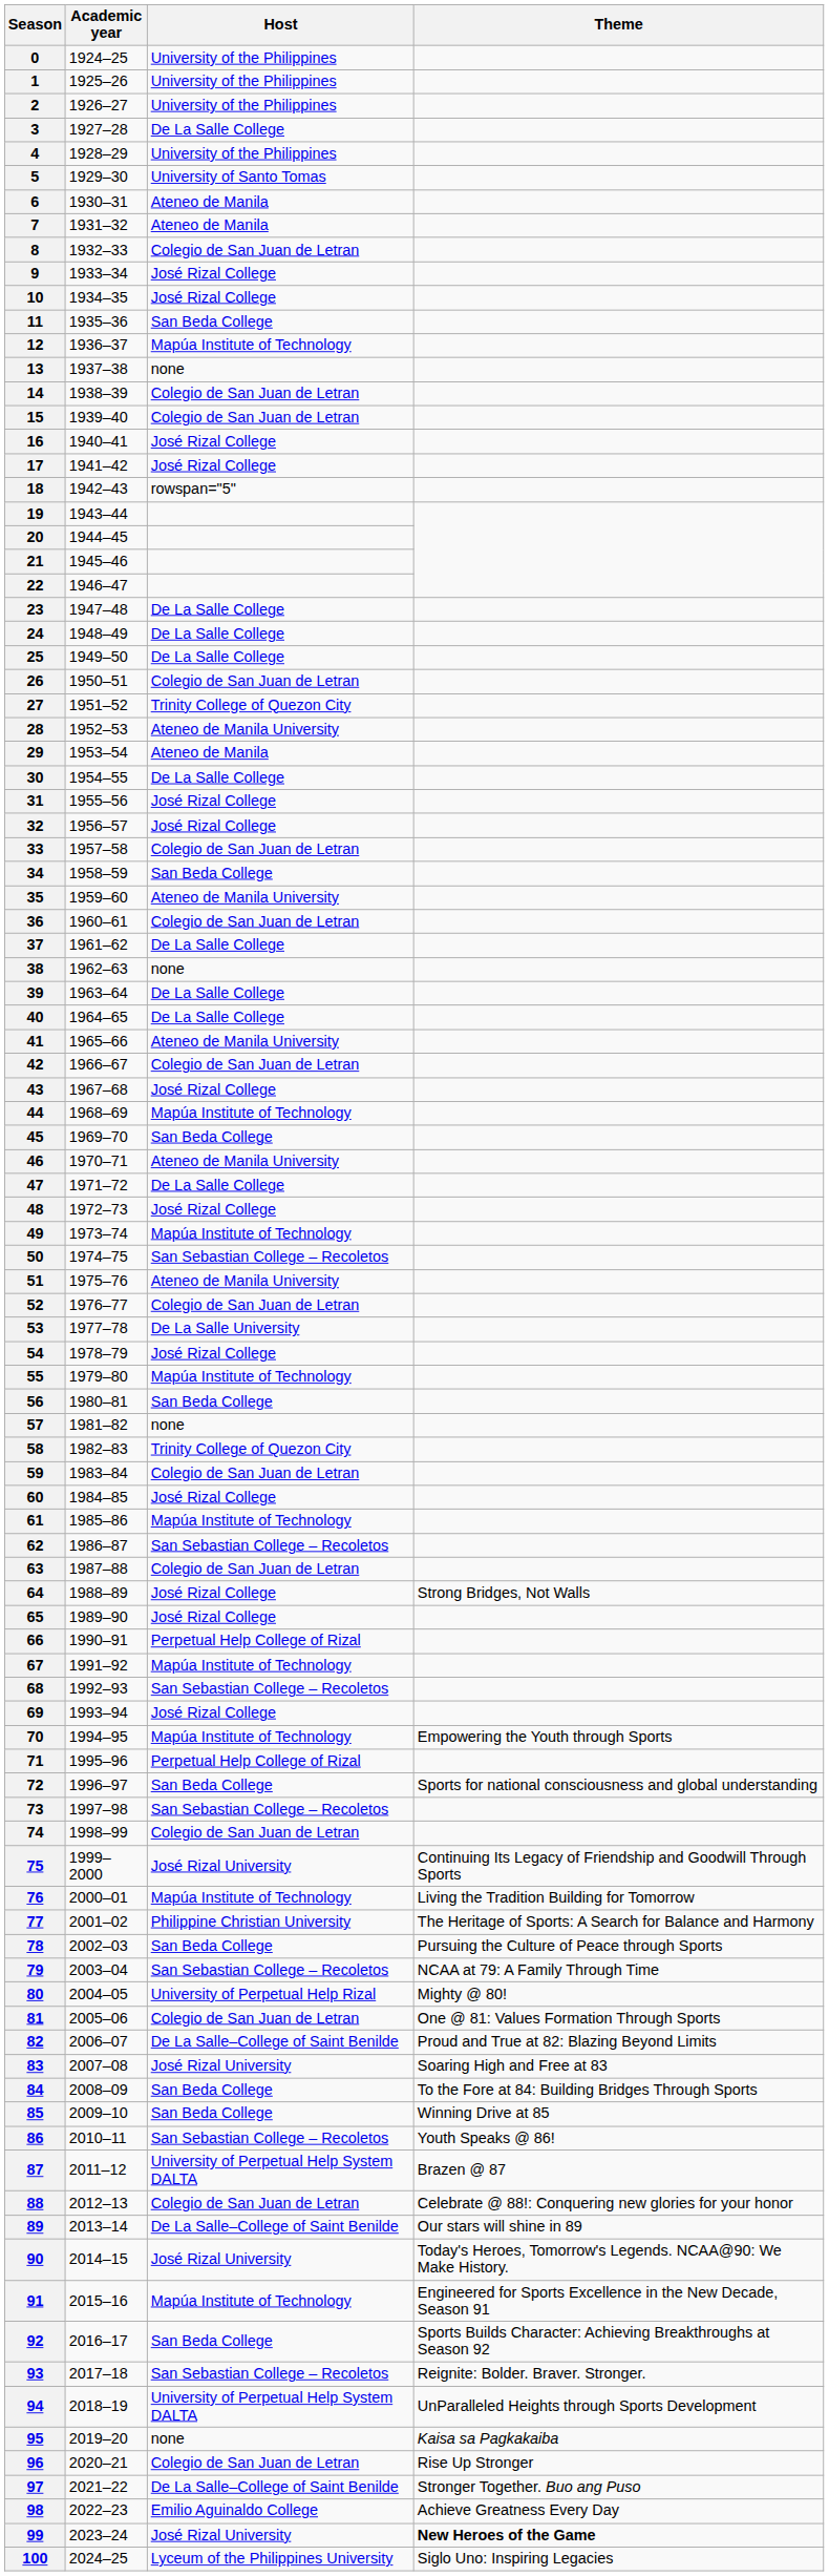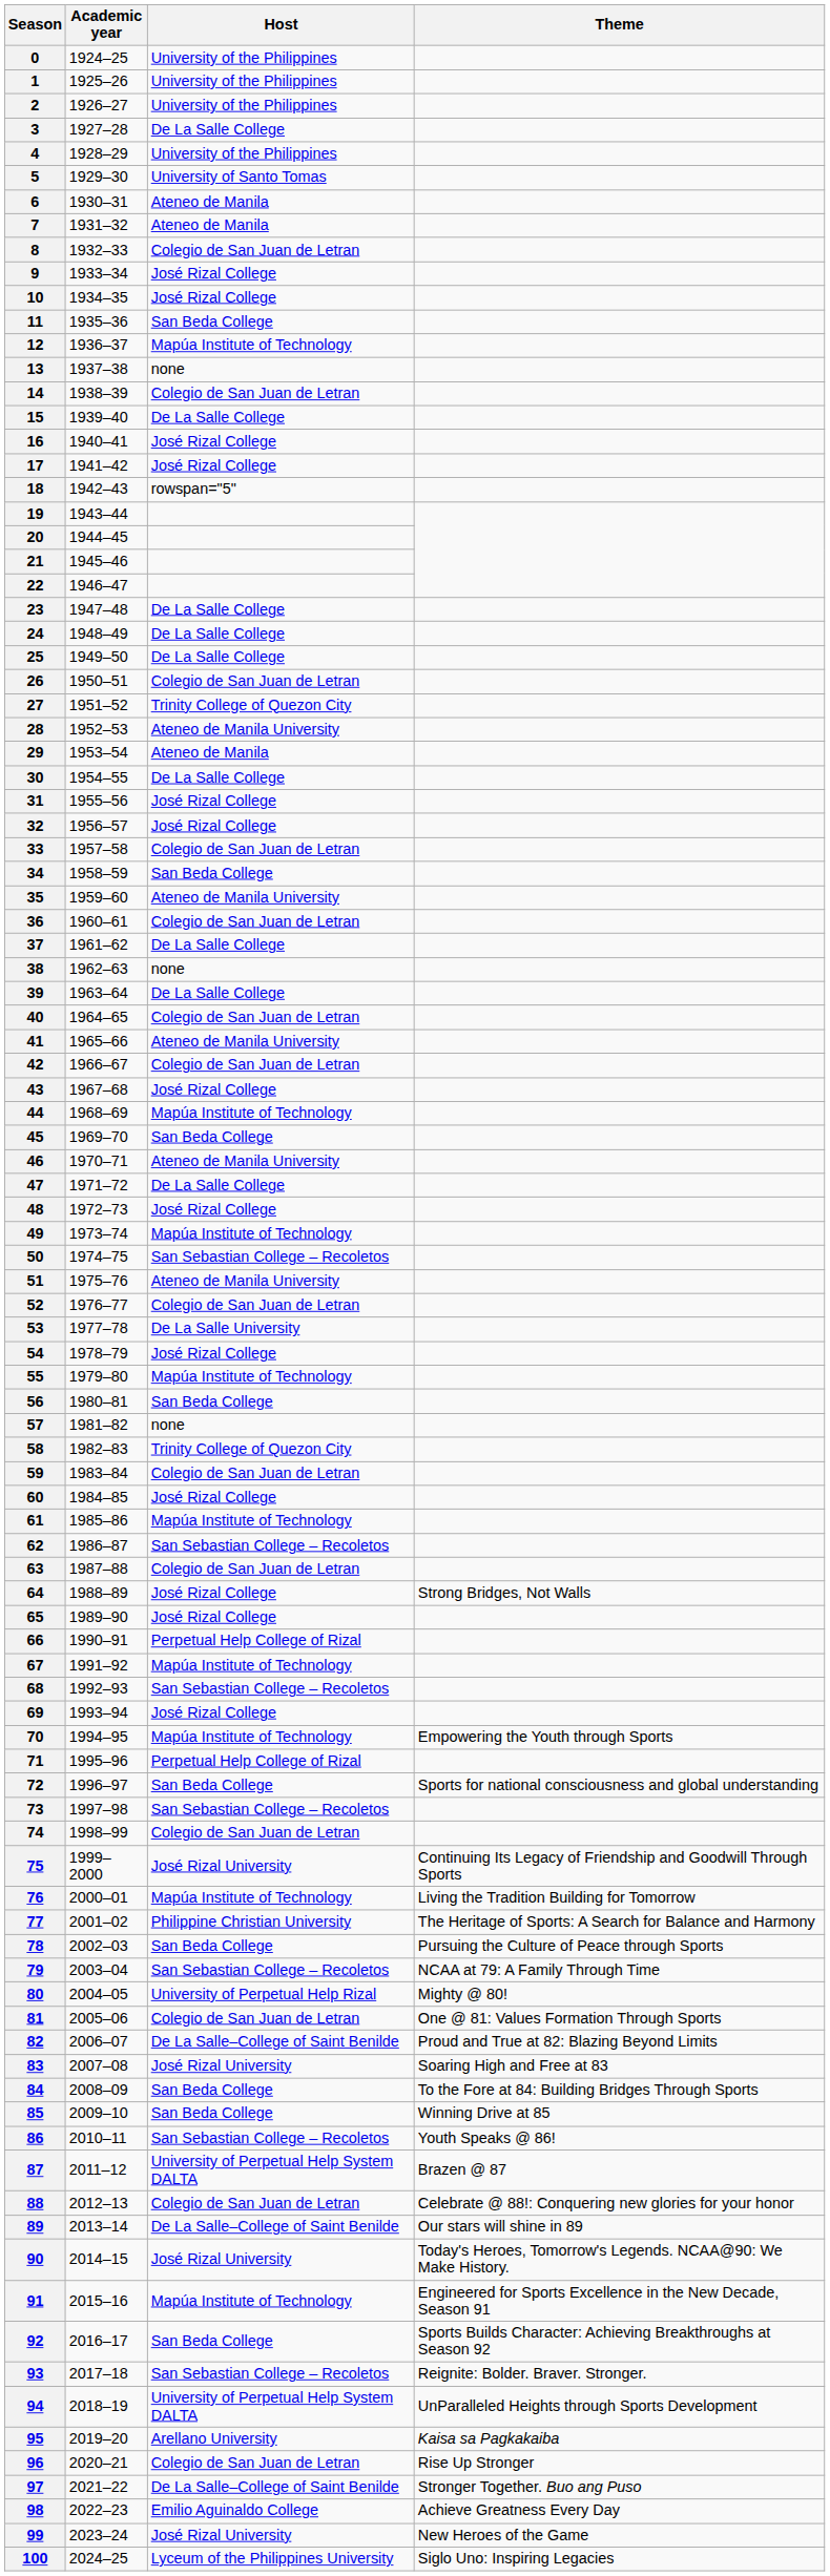 <table class="wikitable">
 <tr>
 <th>Season</th>
 <th>Academic<br>year</th>
 <th>Host</th>
 <th>Theme</th>
 </tr>
 <tr>
 <th>0</th>
 <td>1924–25</td>
 <td><a href='#'>University of the Philippines</a></td>
 <td></td>
 </tr>
 <tr>
 <th>1</th>
 <td>1925–26</td>
 <td><a href='#'>University of the Philippines</a></td>
 <td></td>
 </tr>
 <tr>
 <th>2</th>
 <td>1926–27</td>
 <td><a href='#'>University of the Philippines</a></td>
 <td></td>
 </tr>
 <tr>
 <th>3</th>
 <td>1927–28</td>
 <td><a href='#'>De La Salle College</a></td>
 <td></td>
 </tr>
 <tr>
 <th>4</th>
 <td>1928–29</td>
 <td><a href='#'>University of the Philippines</a></td>
 <td></td>
 </tr>
 <tr>
 <th>5</th>
 <td>1929–30</td>
 <td><a href='#'>University of Santo Tomas</a></td>
 <td></td>
 </tr>
 <tr>
 <th>6</th>
 <td>1930–31</td>
 <td><a href='#'>Ateneo de Manila</a></td>
 <td></td>
 </tr>
 <tr>
 <th>7</th>
 <td>1931–32</td>
 <td><a href='#'>Ateneo de Manila</a></td>
 <td></td>
 </tr>
 <tr>
 <th>8</th>
 <td>1932–33</td>
 <td><a href='#'>Colegio de San Juan de Letran</a></td>
 <td></td>
 </tr>
 <tr>
 <th>9</th>
 <td>1933–34</td>
 <td><a href='#'>José Rizal College</a></td>
 <td></td>
 </tr>
 <tr>
 <th>10</th>
 <td>1934–35</td>
 <td><a href='#'>José Rizal College</a></td>
 <td></td>
 </tr>
 <tr>
 <th>11</th>
 <td>1935–36</td>
 <td><a href='#'>San Beda College</a></td>
 <td></td>
 </tr>
 <tr>
 <th>12</th>
 <td>1936–37</td>
 <td><a href='#'>Mapúa Institute of Technology</a></td>
 <td></td>
 </tr>
 <tr>
 <th>13</th>
 <td>1937–38</td>
 <td>none</td>
 <td></td>
 </tr>
 <tr>
 <th>14</th>
 <td>1938–39</td>
 <td><a href='#'>Colegio de San Juan de Letran</a></td>
 <td></td>
 </tr>
 <tr>
 <th>15</th>
 <td>1939–40</td>
-<td><a href='#'>Colegio de San Juan de Letran</a></td>
+<td><a href='#'>De La Salle College</a></td>
 <td></td>
 </tr>
 <tr>
 <th>16</th>
 <td>1940–41</td>
 <td><a href='#'>José Rizal College</a></td>
 <td></td>
 </tr>
 <tr>
 <th>17</th>
 <td>1941–42</td>
 <td><a href='#'>José Rizal College</a></td>
 <td></td>
 </tr>
 <tr>
 <th>18</th>
 <td>1942–43</td>
 <td>rowspan="5" </td>
 <td></td>
 </tr>
 <tr>
 <th>19</th>
 <td>1943–44</td>
 <td></td>
 </tr>
 <tr>
 <th>20</th>
 <td>1944–45</td>
 <td></td>
 </tr>
 <tr>
 <th>21</th>
 <td>1945–46</td>
 <td></td>
 </tr>
 <tr>
 <th>22</th>
 <td>1946–47</td>
 <td></td>
 </tr>
 <tr>
 <th>23</th>
 <td>1947–48</td>
 <td><a href='#'>De La Salle College</a></td>
 <td></td>
 </tr>
 <tr>
 <th>24</th>
 <td>1948–49</td>
 <td><a href='#'>De La Salle College</a></td>
 <td></td>
 </tr>
 <tr>
 <th>25</th>
 <td>1949–50</td>
 <td><a href='#'>De La Salle College</a></td>
 <td></td>
 </tr>
 <tr>
 <th>26</th>
 <td>1950–51</td>
 <td><a href='#'>Colegio de San Juan de Letran</a></td>
 <td></td>
 </tr>
 <tr>
 <th>27</th>
 <td>1951–52</td>
 <td><a href='#'>Trinity College of Quezon City</a></td>
 <td></td>
 </tr>
 <tr>
 <th>28</th>
 <td>1952–53</td>
 <td><a href='#'>Ateneo de Manila University</a></td>
 <td></td>
 </tr>
 <tr>
 <th>29</th>
 <td>1953–54</td>
 <td><a href='#'>Ateneo de Manila</a></td>
 <td></td>
 </tr>
 <tr>
 <th>30</th>
 <td>1954–55</td>
 <td><a href='#'>De La Salle College</a></td>
 <td></td>
 </tr>
 <tr>
 <th>31</th>
 <td>1955–56</td>
 <td><a href='#'>José Rizal College</a></td>
 <td></td>
 </tr>
 <tr>
 <th>32</th>
 <td>1956–57</td>
 <td><a href='#'>José Rizal College</a></td>
 <td></td>
 </tr>
 <tr>
 <th>33</th>
 <td>1957–58</td>
 <td><a href='#'>Colegio de San Juan de Letran</a></td>
 <td></td>
 </tr>
 <tr>
 <th>34</th>
 <td>1958–59</td>
 <td><a href='#'>San Beda College</a></td>
 <td></td>
 </tr>
 <tr>
 <th>35</th>
 <td>1959–60</td>
 <td><a href='#'>Ateneo de Manila University</a></td>
 <td></td>
 </tr>
 <tr>
 <th>36</th>
 <td>1960–61</td>
 <td><a href='#'>Colegio de San Juan de Letran</a></td>
 <td></td>
 </tr>
 <tr>
 <th>37</th>
 <td>1961–62</td>
 <td><a href='#'>De La Salle College</a></td>
 <td></td>
 </tr>
 <tr>
 <th>38</th>
 <td>1962–63</td>
 <td>none</td>
 <td></td>
 </tr>
 <tr>
 <th>39</th>
 <td>1963–64</td>
 <td><a href='#'>De La Salle College</a></td>
 <td></td>
 </tr>
 <tr>
 <th>40</th>
 <td>1964–65</td>
-<td><a href='#'>De La Salle College</a></td>
+<td><a href='#'>Colegio de San Juan de Letran</a></td>
 <td></td>
 </tr>
 <tr>
 <th>41</th>
 <td>1965–66</td>
 <td><a href='#'>Ateneo de Manila University</a></td>
 <td></td>
 </tr>
 <tr>
 <th>42</th>
 <td>1966–67</td>
 <td><a href='#'>Colegio de San Juan de Letran</a></td>
 <td></td>
 </tr>
 <tr>
 <th>43</th>
 <td>1967–68</td>
 <td><a href='#'>José Rizal College</a></td>
 <td></td>
 </tr>
 <tr>
 <th>44</th>
 <td>1968–69</td>
 <td><a href='#'>Mapúa Institute of Technology</a></td>
 <td></td>
 </tr>
 <tr>
 <th>45</th>
 <td>1969–70</td>
 <td><a href='#'>San Beda College</a></td>
 <td></td>
 </tr>
 <tr>
 <th>46</th>
 <td>1970–71</td>
 <td><a href='#'>Ateneo de Manila University</a></td>
 <td></td>
 </tr>
 <tr>
 <th>47</th>
 <td>1971–72</td>
 <td><a href='#'>De La Salle College</a></td>
 <td></td>
 </tr>
 <tr>
 <th>48</th>
 <td>1972–73</td>
 <td><a href='#'>José Rizal College</a></td>
 <td></td>
 </tr>
 <tr>
 <th>49</th>
 <td>1973–74</td>
 <td><a href='#'>Mapúa Institute of Technology</a></td>
 <td></td>
 </tr>
 <tr>
 <th>50</th>
 <td>1974–75</td>
 <td><a href='#'>San Sebastian College – Recoletos</a></td>
 <td></td>
 </tr>
 <tr>
 <th>51</th>
 <td>1975–76</td>
 <td><a href='#'>Ateneo de Manila University</a></td>
 <td></td>
 </tr>
 <tr>
 <th>52</th>
 <td>1976–77</td>
 <td><a href='#'>Colegio de San Juan de Letran</a></td>
 <td></td>
 </tr>
 <tr>
 <th>53</th>
 <td>1977–78</td>
 <td><a href='#'>De La Salle University</a></td>
 <td></td>
 </tr>
 <tr>
 <th>54</th>
 <td>1978–79</td>
 <td><a href='#'>José Rizal College</a></td>
 <td></td>
 </tr>
 <tr>
 <th>55</th>
 <td>1979–80</td>
 <td><a href='#'>Mapúa Institute of Technology</a></td>
 <td></td>
 </tr>
 <tr>
 <th>56</th>
 <td>1980–81</td>
 <td><a href='#'>San Beda College</a></td>
 <td></td>
 </tr>
 <tr>
 <th>57</th>
 <td>1981–82</td>
 <td>none</td>
 <td></td>
 </tr>
 <tr>
 <th>58</th>
 <td>1982–83</td>
 <td><a href='#'>Trinity College of Quezon City</a></td>
 <td></td>
 </tr>
 <tr>
 <th>59</th>
 <td>1983–84</td>
 <td><a href='#'>Colegio de San Juan de Letran</a></td>
 <td></td>
 </tr>
 <tr>
 <th>60</th>
 <td>1984–85</td>
 <td><a href='#'>José Rizal College</a></td>
 <td></td>
 </tr>
 <tr>
 <th>61</th>
 <td>1985–86</td>
 <td><a href='#'>Mapúa Institute of Technology</a></td>
 <td></td>
 </tr>
 <tr>
 <th>62</th>
 <td>1986–87</td>
 <td><a href='#'>San Sebastian College – Recoletos</a></td>
 <td></td>
 </tr>
 <tr>
 <th>63</th>
 <td>1987–88</td>
 <td><a href='#'>Colegio de San Juan de Letran</a></td>
 <td></td>
 </tr>
 <tr>
 <th>64</th>
 <td>1988–89</td>
 <td><a href='#'>José Rizal College</a></td>
 <td>Strong Bridges, Not Walls</td>
 </tr>
 <tr>
 <th>65</th>
 <td>1989–90</td>
 <td><a href='#'>José Rizal College</a></td>
 <td></td>
 </tr>
 <tr>
 <th>66</th>
 <td>1990–91</td>
 <td><a href='#'>Perpetual Help College of Rizal</a></td>
 <td></td>
 </tr>
 <tr>
 <th>67</th>
 <td>1991–92</td>
 <td><a href='#'>Mapúa Institute of Technology</a></td>
 <td></td>
 </tr>
 <tr>
 <th>68</th>
 <td>1992–93</td>
 <td><a href='#'>San Sebastian College – Recoletos</a></td>
 <td></td>
 </tr>
 <tr>
 <th>69</th>
 <td>1993–94</td>
 <td><a href='#'>José Rizal College</a></td>
 <td></td>
 </tr>
 <tr>
 <th>70</th>
 <td>1994–95</td>
 <td><a href='#'>Mapúa Institute of Technology</a></td>
 <td>Empowering the Youth through Sports</td>
 </tr>
 <tr>
 <th>71</th>
 <td>1995–96</td>
 <td><a href='#'>Perpetual Help College of Rizal</a></td>
 <td></td>
 </tr>
 <tr>
 <th>72</th>
 <td>1996–97</td>
 <td><a href='#'>San Beda College</a></td>
 <td>Sports for national consciousness and global understanding</td>
 </tr>
 <tr>
 <th>73</th>
 <td>1997–98</td>
 <td><a href='#'>San Sebastian College – Recoletos</a></td>
 <td></td>
 </tr>
 <tr>
 <th>74</th>
 <td>1998–99</td>
 <td><a href='#'>Colegio de San Juan de Letran</a></td>
 <td></td>
 </tr>
 <tr>
 <th><a href='#'>75</a></th>
 <td>1999–2000</td>
 <td><a href='#'>José Rizal University</a></td>
 <td>Continuing Its Legacy of Friendship and Goodwill Through Sports</td>
 </tr>
 <tr>
 <th><a href='#'>76</a></th>
 <td>2000–01</td>
 <td><a href='#'>Mapúa Institute of Technology</a></td>
 <td>Living the Tradition Building for Tomorrow</td>
 </tr>
 <tr>
 <th><a href='#'>77</a></th>
 <td>2001–02</td>
 <td><a href='#'>Philippine Christian University</a></td>
 <td>The Heritage of Sports: A Search for Balance and Harmony</td>
 </tr>
 <tr>
 <th><a href='#'>78</a></th>
 <td>2002–03</td>
 <td><a href='#'>San Beda College</a></td>
 <td>Pursuing the Culture of Peace through Sports</td>
 </tr>
 <tr>
 <th><a href='#'>79</a></th>
 <td>2003–04</td>
 <td><a href='#'>San Sebastian College – Recoletos</a></td>
 <td>NCAA at 79: A Family Through Time</td>
 </tr>
 <tr>
 <th><a href='#'>80</a></th>
 <td>2004–05</td>
 <td><a href='#'>University of Perpetual Help Rizal</a></td>
 <td>Mighty @ 80!</td>
 </tr>
 <tr>
 <th><a href='#'>81</a></th>
 <td>2005–06</td>
 <td><a href='#'>Colegio de San Juan de Letran</a></td>
 <td>One @ 81: Values Formation Through Sports</td>
 </tr>
 <tr>
 <th><a href='#'>82</a></th>
 <td>2006–07</td>
 <td><a href='#'>De La Salle–College of Saint Benilde</a></td>
 <td>Proud and True at 82: Blazing Beyond Limits</td>
 </tr>
 <tr>
 <th><a href='#'>83</a></th>
 <td>2007–08</td>
 <td><a href='#'>José Rizal University</a></td>
 <td>Soaring High and Free at 83</td>
 </tr>
 <tr>
 <th><a href='#'>84</a></th>
 <td>2008–09</td>
 <td><a href='#'>San Beda College</a></td>
 <td>To the Fore at 84: Building Bridges Through Sports</td>
 </tr>
 <tr>
 <th><a href='#'>85</a></th>
 <td>2009–10</td>
 <td><a href='#'>San Beda College</a></td>
 <td>Winning Drive at 85</td>
 </tr>
 <tr>
 <th><a href='#'>86</a></th>
 <td>2010–11</td>
 <td><a href='#'>San Sebastian College – Recoletos</a></td>
 <td>Youth Speaks @ 86!</td>
 </tr>
 <tr>
 <th><a href='#'>87</a></th>
 <td>2011–12</td>
 <td><a href='#'>University of Perpetual Help System DALTA</a></td>
 <td>Brazen @ 87</td>
 </tr>
 <tr>
 <th><a href='#'>88</a></th>
 <td>2012–13</td>
 <td><a href='#'>Colegio de San Juan de Letran</a></td>
 <td>Celebrate @ 88!: Conquering new glories for your honor</td>
 </tr>
 <tr>
 <th><a href='#'>89</a></th>
 <td>2013–14</td>
 <td><a href='#'>De La Salle–College of Saint Benilde</a></td>
 <td>Our stars will shine in 89</td>
 </tr>
 <tr>
 <th><a href='#'>90</a></th>
 <td>2014–15</td>
 <td><a href='#'>José Rizal University</a></td>
 <td>Today's Heroes, Tomorrow's Legends. NCAA@90: We Make History.</td>
 </tr>
 <tr>
 <th><a href='#'>91</a></th>
 <td>2015–16</td>
 <td><a href='#'>Mapúa Institute of Technology</a></td>
 <td>Engineered for Sports Excellence in the New Decade, Season 91</td>
 </tr>
 <tr>
 <th><a href='#'>92</a></th>
 <td>2016–17</td>
 <td><a href='#'>San Beda College</a></td>
 <td>Sports Builds Character: Achieving Breakthroughs at Season 92</td>
 </tr>
 <tr>
 <th><a href='#'>93</a></th>
 <td>2017–18</td>
 <td><a href='#'>San Sebastian College – Recoletos</a></td>
 <td>Reignite: Bolder. Braver. Stronger.</td>
 </tr>
 <tr>
 <th><a href='#'>94</a></th>
 <td>2018–19</td>
 <td><a href='#'>University of Perpetual Help System DALTA</a></td>
 <td>UnParalleled Heights through Sports Development</td>
 </tr>
 <tr>
 <th><a href='#'>95</a></th>
 <td>2019–20</td>
-<td>none</td>
+<td><a href='#'>Arellano University</a></td>
 <td><em>Kaisa sa Pagkakaiba</em></td>
 </tr>
 <tr>
 <th><a href='#'>96</a></th>
 <td>2020–21</td>
 <td><a href='#'>Colegio de San Juan de Letran</a></td>
 <td>Rise Up Stronger</td>
 </tr>
 <tr>
 <th><a href='#'>97</a></th>
 <td>2021–22</td>
 <td><a href='#'>De La Salle–College of Saint Benilde</a></td>
 <td>Stronger Together. <abbr><em>Buo ang Puso</em></abbr></td>
 </tr>
 <tr>
 <th><a href='#'>98</a></th>
 <td>2022–23</td>
 <td><a href='#'>Emilio Aguinaldo College</a></td>
 <td>Achieve Greatness Every Day</td>
 </tr>
 <tr>
 <th><a href='#'>99</a></th>
 <td>2023–24</td>
 <td><a href='#'>José Rizal University</a></td>
-<td><strong>New Heroes of the Game</strong></td>
+<td>New Heroes of the Game</td>
 </tr>
 <tr>
 <th><a href='#'>100</a></th>
 <td>2024–25</td>
 <td><a href='#'>Lyceum of the Philippines University</a></td>
 <td>Siglo Uno: Inspiring Legacies</td>
 </tr>
 </table>
